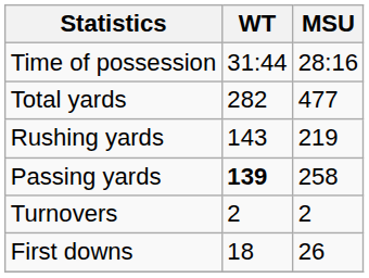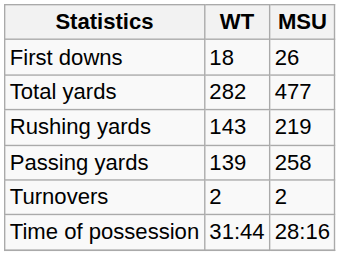 <table class="wikitable">
 <tr>
 <th>Statistics</th>
 <th>WT</th>
 <th>MSU</th>
 </tr>
 <tr>
-<td>Time of possession</td>
-<td>31:44</td>
-<td>28:16</td>
+<td>First downs</td>
+<td>18</td>
+<td>26</td>
 </tr>
 <tr>
 <td>Total yards</td>
 <td>282</td>
 <td>477</td>
 </tr>
 <tr>
 <td>Rushing yards</td>
 <td>143</td>
 <td>219</td>
 </tr>
 <tr>
 <td>Passing yards</td>
-<td><strong>139</strong></td>
+<td>139</td>
 <td>258</td>
 </tr>
 <tr>
 <td>Turnovers</td>
 <td>2</td>
 <td>2</td>
 </tr>
 <tr>
-<td>First downs</td>
-<td>18</td>
-<td>26</td>
+<td>Time of possession</td>
+<td>31:44</td>
+<td>28:16</td>
 </tr>
 <tr>
 </tr>
 </table>
